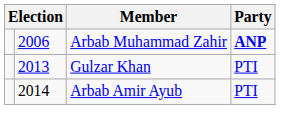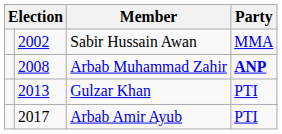 <table class="wikitable">
 <tr>
 <th colspan="2">Election</th>
 <th>Member</th>
 <th>Party</th>
 </tr>
 <tr>
 <td style="background-color: "></td>
-<td><a href='#'>2006</a></td>
+<td><a href='#'>2002</a></td>
+<td>Sabir Hussain Awan</td>
+<td><a href='#'>MMA</a></td>
+</tr>
+<tr>
+<td style="background-color: "></td>
+<td><a href='#'>2008</a></td>
 <td><a href='#'>Arbab Muhammad Zahir</a></td>
 <td><strong><a href='#'>ANP</a></strong></td>
 </tr>
 <tr>
 <td style="background-color: "></td>
 <td><a href='#'>2013</a></td>
 <td><a href='#'>Gulzar Khan</a></td>
 <td><a href='#'>PTI</a></td>
 </tr>
 <tr>
 <td style="background-color: "></td>
-<td>2014</td>
+<td>2017</td>
 <td><a href='#'>Arbab Amir Ayub</a></td>
 <td><a href='#'>PTI</a></td>
 </tr>
 </table>
